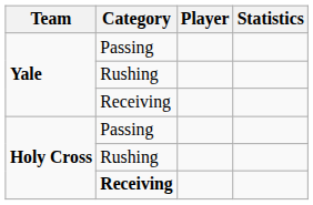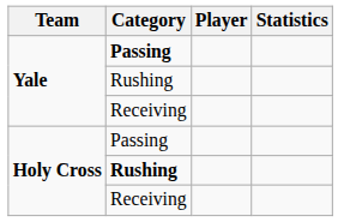 <table class="wikitable" style="float: right;">
 <tr>
 <th>Team</th>
 <th>Category</th>
 <th>Player</th>
 <th>Statistics</th>
 </tr>
 <tr>
 <td rowspan=3><strong>Yale</strong></td>
-<td>Passing</td>
+<td><strong>Passing</strong></td>
 <td></td>
 <td></td>
 </tr>
 <tr>
 <td>Rushing</td>
 <td></td>
 <td></td>
 </tr>
 <tr>
 <td>Receiving</td>
 <td></td>
 <td></td>
 </tr>
 <tr>
 <td rowspan=3><strong>Holy Cross</strong></td>
 <td>Passing</td>
 <td></td>
 <td></td>
 </tr>
 <tr>
-<td>Rushing</td>
+<td><strong>Rushing</strong></td>
 <td></td>
 <td></td>
 </tr>
 <tr>
-<td><strong>Receiving</strong></td>
+<td>Receiving</td>
 <td></td>
 <td></td>
 </tr>
 </table>
